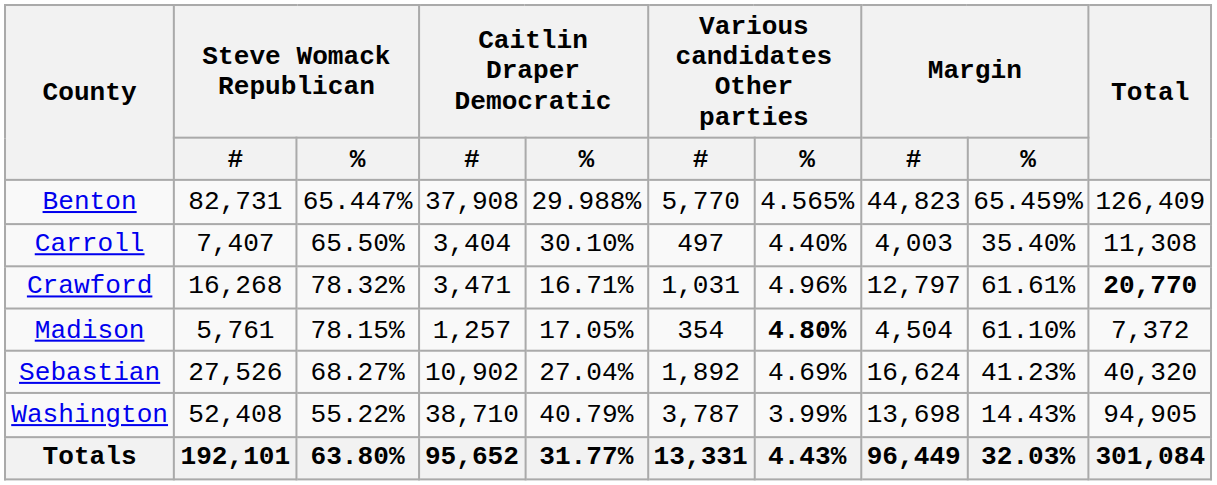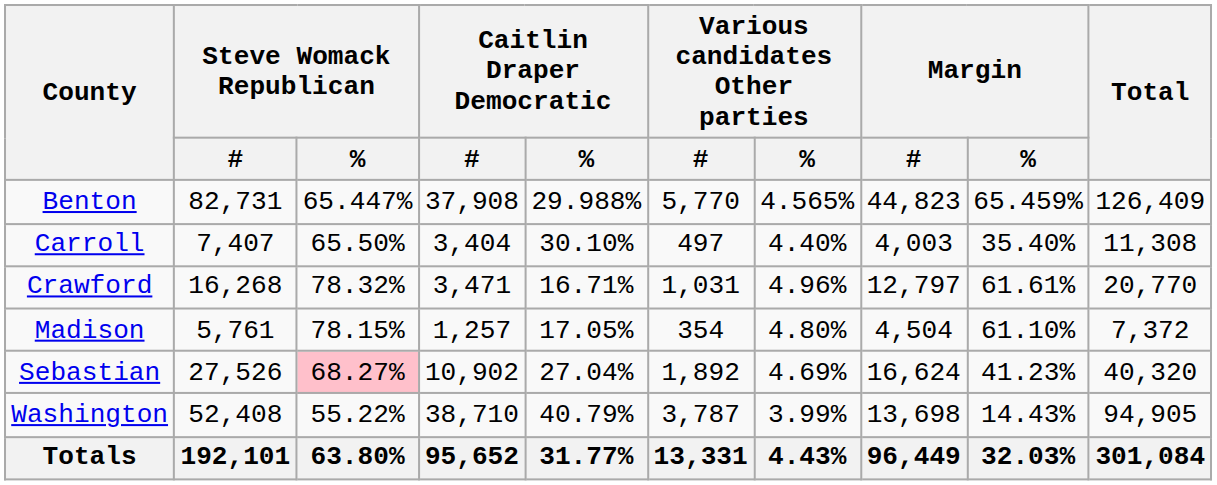 <table width="60%" class="wikitable sortable">
 <tr>
 <th rowspan="2">County</th>
 <th colspan="2">Steve Womack<br>Republican</th>
 <th colspan="2">Caitlin Draper<br>Democratic</th>
 <th colspan="2">Various candidates<br>Other parties</th>
 <th colspan="2">Margin</th>
 <th rowspan="2">Total</th>
 </tr>
 <tr>
 <th style="text-align:center;" data-sort-type="number">#</th>
 <th style="text-align:center;" data-sort-type="number">%</th>
 <th style="text-align:center;" data-sort-type="number">#</th>
 <th style="text-align:center;" data-sort-type="number">%</th>
 <th style="text-align:center;" data-sort-type="number">#</th>
 <th style="text-align:center;" data-sort-type="number">%</th>
 <th style="text-align:center;" data-sort-type="number">#</th>
 <th style="text-align:center;" data-sort-type="number">%</th>
 </tr>
 <tr style="text-align:center;">
 <td><a href='#'>Benton</a></td>
 <td>82,731</td>
 <td>65.447%</td>
 <td>37,908</td>
 <td>29.988%</td>
 <td>5,770</td>
 <td>4.565%</td>
 <td>44,823</td>
 <td>65.459%</td>
 <td>126,409</td>
 </tr>
 <tr style="text-align:center;">
 <td><a href='#'>Carroll</a></td>
 <td>7,407</td>
 <td>65.50%</td>
 <td>3,404</td>
 <td>30.10%</td>
 <td>497</td>
 <td>4.40%</td>
 <td>4,003</td>
 <td>35.40%</td>
 <td>11,308</td>
 </tr>
 <tr style="text-align:center;">
 <td><a href='#'>Crawford</a></td>
 <td>16,268</td>
 <td>78.32%</td>
 <td>3,471</td>
 <td>16.71%</td>
 <td>1,031</td>
 <td>4.96%</td>
 <td>12,797</td>
 <td>61.61%</td>
-<td><strong>20,770</strong></td>
+<td>20,770</td>
 </tr>
 <tr style="text-align:center;">
 <td><a href='#'>Madison</a></td>
 <td>5,761</td>
 <td>78.15%</td>
 <td>1,257</td>
 <td>17.05%</td>
 <td>354</td>
-<td><strong>4.80%</strong></td>
+<td>4.80%</td>
 <td>4,504</td>
 <td>61.10%</td>
 <td>7,372</td>
 </tr>
 <tr style="text-align:center;">
 <td><a href='#'>Sebastian</a></td>
 <td>27,526</td>
-<td>68.27%</td>
+<td style="background: pink;">68.27%</td>
 <td>10,902</td>
 <td>27.04%</td>
 <td>1,892</td>
 <td>4.69%</td>
 <td>16,624</td>
 <td>41.23%</td>
 <td>40,320</td>
 </tr>
 <tr style="text-align:center;">
 <td><a href='#'>Washington</a></td>
 <td>52,408</td>
 <td>55.22%</td>
 <td>38,710</td>
 <td>40.79%</td>
 <td>3,787</td>
 <td>3.99%</td>
 <td>13,698</td>
 <td>14.43%</td>
 <td>94,905</td>
 </tr>
 <tr>
 <th>Totals</th>
 <th>192,101</th>
 <th>63.80%</th>
 <th>95,652</th>
 <th>31.77%</th>
 <th>13,331</th>
 <th>4.43%</th>
 <th>96,449</th>
 <th>32.03%</th>
 <th>301,084</th>
 </tr>
 </table>
